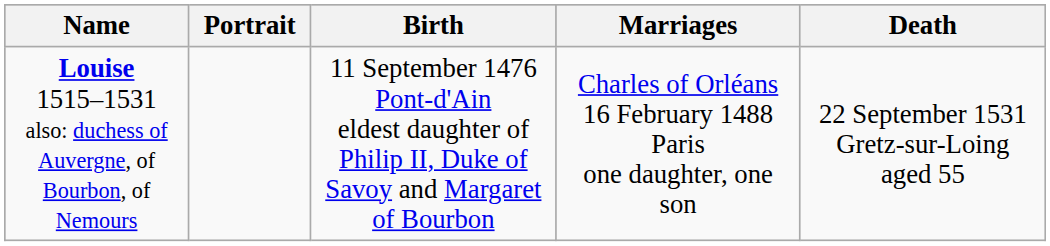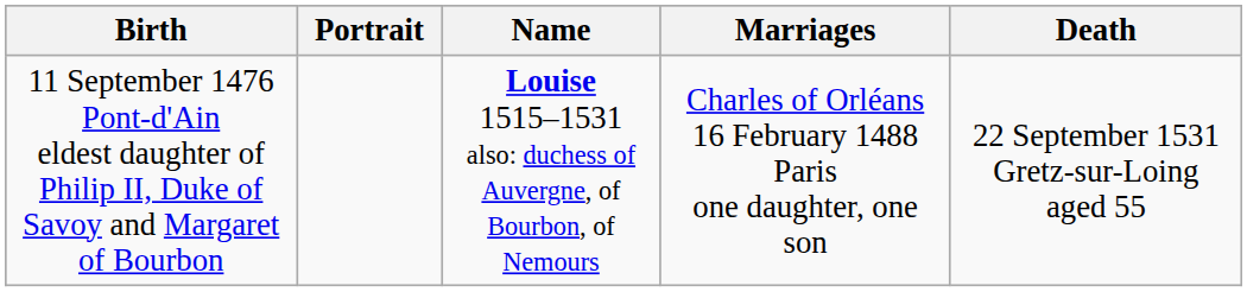 <table style="text-align:center; width:100%" class="wikitable">
 <tr>
+<th style="width:20%;">Birth</th>
+<th style="width:10%;">Portrait</th>
 <th style="width:15%;">Name</th>
-<th style="width:10%;">Portrait</th>
-<th style="width:20%;">Birth</th>
 <th style="width:20%;">Marriages</th>
 <th style="width:20%;">Death</th>
 </tr>
 <tr>
+<td>11 September 1476<br><a href='#'>Pont-d'Ain</a><br>eldest daughter of <a href='#'>Philip II, Duke of Savoy</a> and <a href='#'>Margaret of Bourbon</a></td>
+<td></td>
 <td width=auto><strong><a href='#'>Louise</a></strong><br>1515–1531<br><small>also: <a href='#'>duchess of Auvergne</a>, of <a href='#'>Bourbon</a>, of <a href='#'>Nemours</a></small></td>
-<td></td>
-<td>11 September 1476<br><a href='#'>Pont-d'Ain</a><br>eldest daughter of <a href='#'>Philip II, Duke of Savoy</a> and <a href='#'>Margaret of Bourbon</a></td>
 <td><a href='#'>Charles of Orléans</a><br>16 February 1488<br>Paris<br>one daughter, one son</td>
 <td>22 September 1531<br>Gretz-sur-Loing<br>aged 55</td>
 </tr>
 </table>
